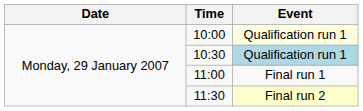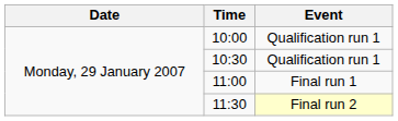 <table class = "wikitable" style="text-align:center;">
 <tr>
 <th width=220>Date</th>
 <th width=50>Time</th>
 <th width=150>Event</th>
 </tr>
 <tr>
 <td rowspan=4>Monday, 29 January 2007</td>
 <td>10:00</td>
-<td style="background: lightyellow;">Qualification run 1</td>
+<td>Qualification run 1</td>
 </tr>
 <tr>
 <td>10:30</td>
-<td style="background: lightblue;">Qualification run 1</td>
+<td>Qualification run 1</td>
 </tr>
 <tr>
 <td>11:00</td>
 <td>Final run 1</td>
 </tr>
 <tr>
 <td>11:30</td>
 <td bgcolor=ffffcc>Final run 2</td>
 </tr>
 </table>
